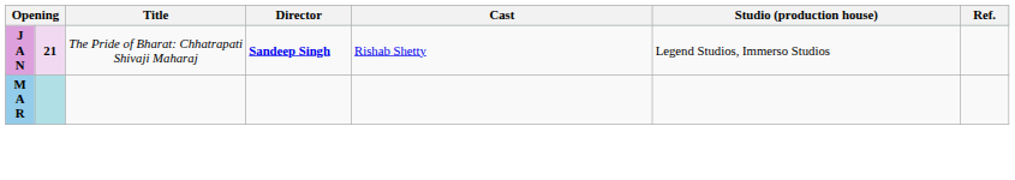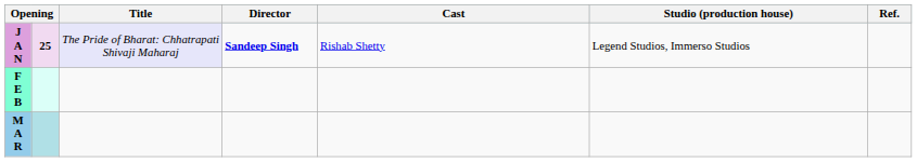 <table class="wikitable">
 <tr style="background:#b0e0e6; text-align:center;">
 <th colspan="2" style="width:6%;"><strong>Opening</strong></th>
 <th style="width:18%;"><strong>Title</strong></th>
 <th style="width:10.5%;"><strong>Director</strong></th>
 <th style="width:30%;"><strong>Cast</strong></th>
 <th>Studio (production house)</th>
 <th>Ref.</th>
 </tr>
 <tr>
 <td style="text-align:center; background:plum; textcolor:#000;"><strong>J<br>A<br>N</strong></td>
-<td style="text-align:center;background:#f1daf1;"><strong>21</strong></td>
-<td style="text-align:center;"><em>The Pride of Bharat: Chhatrapati Shivaji Maharaj</em></td>
+<td style="text-align:center;background:#f1daf1;"><strong>25</strong></td>
+<td style="background: lavender; text-align:center;"><em>The Pride of Bharat: Chhatrapati Shivaji Maharaj</em></td>
 <td><strong><a href='#'>Sandeep Singh</a></strong></td>
 <td><a href='#'>Rishab Shetty</a></td>
 <td>Legend Studios, Immerso Studios</td>
+<td></td>
+</tr>
+<tr>
+<td style="text-align:center; background:#7FFFD4; textcolor:#000;"><strong>F<br>E<br>B</strong></td>
+<td style="text-align:center; background:#dbfff8; textcolor:#000;"></td>
+<td style="text-align:center;"></td>
+<td></td>
+<td></td>
+<td></td>
 <td></td>
 </tr>
 <tr>
 <td style="text-align:center; background:#93CCEA; textcolor:#000;"><strong>M<br>A<br>R</strong></td>
 <td style="text-align:center;background:#B0E0E6;"></td>
 <td style="text-align:center;"></td>
 <td></td>
 <td></td>
 <td></td>
 <td></td>
 </tr>
 </table>
